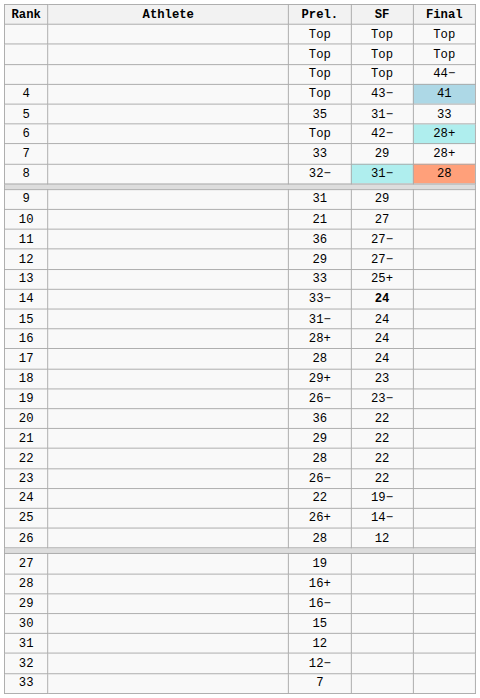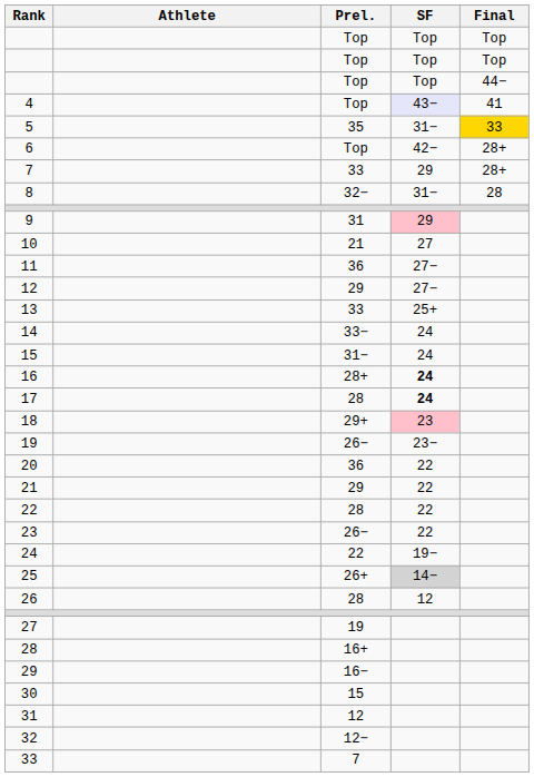 <table class=wikitable style="text-align:center">
 <tr>
 <th width=40>Rank</th>
 <th width=250>Athlete</th>
 <th width=60>Prel.</th>
 <th width=60>SF</th>
 <th width=60>Final</th>
 </tr>
 <tr>
 <td></td>
 <td align=left></td>
 <td>Top</td>
 <td>Top</td>
 <td>Top</td>
 </tr>
 <tr>
 <td></td>
 <td align=left></td>
 <td>Top</td>
 <td>Top</td>
 <td>Top</td>
 </tr>
 <tr>
 <td></td>
 <td align=left></td>
 <td>Top</td>
 <td>Top</td>
 <td>44−</td>
 </tr>
 <tr>
 <td>4</td>
 <td align=left></td>
 <td>Top</td>
-<td>43−</td>
-<td style="background: lightblue;">41</td>
+<td style="background: lavender;">43−</td>
+<td>41</td>
 </tr>
 <tr>
 <td>5</td>
 <td align=left></td>
 <td>35</td>
 <td>31−</td>
-<td>33</td>
+<td style="background: gold;">33</td>
 </tr>
 <tr>
 <td>6</td>
 <td align=left></td>
 <td>Top</td>
 <td>42−</td>
-<td style="background: paleturquoise;">28+</td>
+<td>28+</td>
 </tr>
 <tr>
 <td>7</td>
 <td align=left></td>
 <td>33</td>
 <td>29</td>
 <td>28+</td>
 </tr>
 <tr>
 <td>8</td>
 <td align=left></td>
 <td>32−</td>
-<td style="background: paleturquoise;">31−</td>
-<td style="background: lightsalmon;">28</td>
+<td>31−</td>
+<td>28</td>
 </tr>
 <tr bgcolor=#DDDDDD>
 <td colspan=5></td>
 </tr>
 <tr>
 <td>9</td>
 <td align=left></td>
 <td>31</td>
-<td>29</td>
+<td style="background: pink;">29</td>
 <td></td>
 </tr>
 <tr>
 <td>10</td>
 <td align=left></td>
 <td>21</td>
 <td>27</td>
 <td></td>
 </tr>
 <tr>
 <td>11</td>
 <td align=left></td>
 <td>36</td>
 <td>27−</td>
 <td></td>
 </tr>
 <tr>
 <td>12</td>
 <td align=left></td>
 <td>29</td>
 <td>27−</td>
 <td></td>
 </tr>
 <tr>
 <td>13</td>
 <td align=left></td>
 <td>33</td>
 <td>25+</td>
 <td></td>
 </tr>
 <tr>
 <td>14</td>
 <td align=left></td>
 <td>33−</td>
-<td><strong>24</strong></td>
+<td>24</td>
 <td></td>
 </tr>
 <tr>
 <td>15</td>
 <td align=left></td>
 <td>31−</td>
 <td>24</td>
 <td></td>
 </tr>
 <tr>
 <td>16</td>
 <td align=left></td>
 <td>28+</td>
-<td>24</td>
+<td><strong>24</strong></td>
 <td></td>
 </tr>
 <tr>
 <td>17</td>
 <td align=left></td>
 <td>28</td>
-<td>24</td>
+<td><strong>24</strong></td>
 <td></td>
 </tr>
 <tr>
 <td>18</td>
 <td align=left></td>
 <td>29+</td>
-<td>23</td>
+<td style="background: pink;">23</td>
 <td></td>
 </tr>
 <tr>
 <td>19</td>
 <td align=left></td>
 <td>26−</td>
 <td>23−</td>
 <td></td>
 </tr>
 <tr>
 <td>20</td>
 <td align=left></td>
 <td>36</td>
 <td>22</td>
 <td></td>
 </tr>
 <tr>
 <td>21</td>
 <td align=left></td>
 <td>29</td>
 <td>22</td>
 <td></td>
 </tr>
 <tr>
 <td>22</td>
 <td align=left></td>
 <td>28</td>
 <td>22</td>
 <td></td>
 </tr>
 <tr>
 <td>23</td>
 <td align=left></td>
 <td>26−</td>
 <td>22</td>
 <td></td>
 </tr>
 <tr>
 <td>24</td>
 <td align=left></td>
 <td>22</td>
 <td>19−</td>
 <td></td>
 </tr>
 <tr>
 <td>25</td>
 <td align=left></td>
 <td>26+</td>
-<td>14−</td>
+<td style="background: lightgrey;">14−</td>
 <td></td>
 </tr>
 <tr>
 <td>26</td>
 <td align=left></td>
 <td>28</td>
 <td>12</td>
 <td></td>
 </tr>
 <tr bgcolor=#DDDDDD>
 <td colspan=5></td>
 </tr>
 <tr>
 <td>27</td>
 <td align=left></td>
 <td>19</td>
 <td></td>
 <td></td>
 </tr>
 <tr>
 <td>28</td>
 <td align=left></td>
 <td>16+</td>
 <td></td>
 <td></td>
 </tr>
 <tr>
 <td>29</td>
 <td align=left></td>
 <td>16−</td>
 <td></td>
 <td></td>
 </tr>
 <tr>
 <td>30</td>
 <td align=left></td>
 <td>15</td>
 <td></td>
 <td></td>
 </tr>
 <tr>
 <td>31</td>
 <td align=left></td>
 <td>12</td>
 <td></td>
 <td></td>
 </tr>
 <tr>
 <td>32</td>
 <td align=left></td>
 <td>12−</td>
 <td></td>
 <td></td>
 </tr>
 <tr>
 <td>33</td>
 <td align=left></td>
 <td>7</td>
 <td></td>
 <td></td>
 </tr>
 </table>
